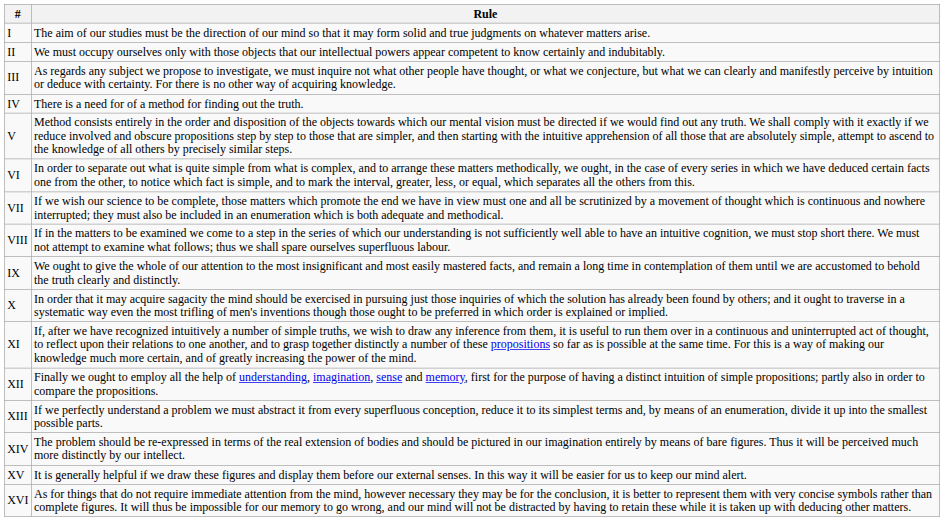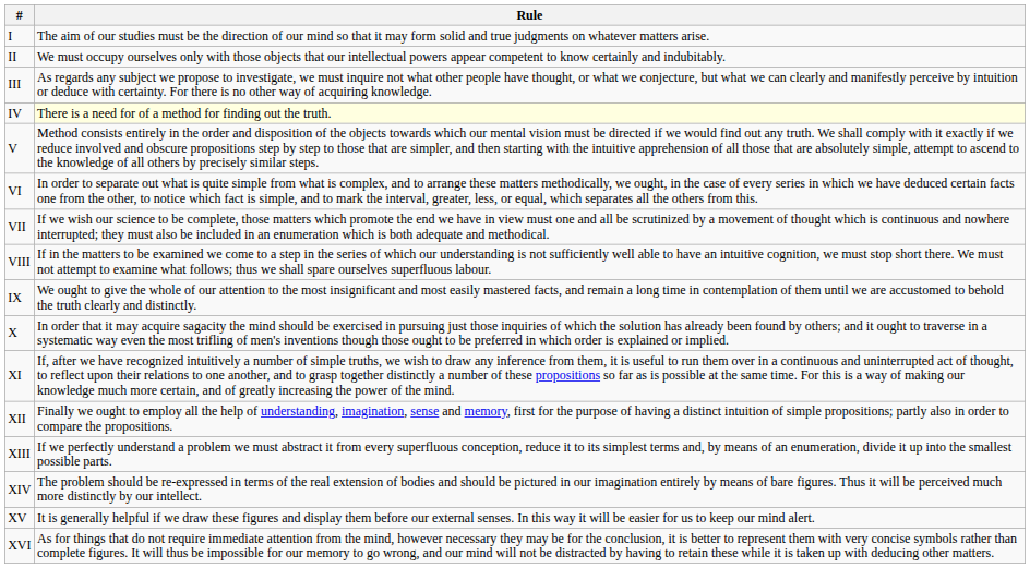 <table class="wikitable">
 <tr>
 <th>#</th>
 <th>Rule</th>
 </tr>
 <tr>
 <td>I</td>
 <td>The aim of our studies must be the direction of our mind so that it may form solid and true judgments on whatever matters arise.</td>
 </tr>
 <tr>
 <td>II</td>
 <td>We must occupy ourselves only with those objects that our intellectual powers appear competent to know certainly and indubitably.</td>
 </tr>
 <tr>
 <td>III</td>
 <td>As regards any subject we propose to investigate, we must inquire not what other people have thought, or what we conjecture, but what we can clearly and manifestly perceive by intuition or deduce with certainty. For there is no other way of acquiring knowledge.</td>
 </tr>
 <tr>
 <td>IV</td>
-<td>There is a need for of a method for finding out the truth.</td>
+<td style="background: lightyellow;">There is a need for of a method for finding out the truth.</td>
 </tr>
 <tr>
 <td>V</td>
 <td>Method consists entirely in the order and disposition of the objects towards which our mental vision must be directed if we would find out any truth. We shall comply with it exactly if we reduce involved and obscure propositions step by step to those that are simpler, and then starting with the intuitive apprehension of all those that are absolutely simple, attempt to ascend to the knowledge of all others by precisely similar steps.</td>
 </tr>
 <tr>
 <td>VI</td>
 <td>In order to separate out what is quite simple from what is complex, and to arrange these matters methodically, we ought, in the case of every series in which we have deduced certain facts  one from the other, to notice which fact is simple, and to mark the interval, greater, less, or equal, which separates all the others from this.</td>
 </tr>
 <tr>
 <td>VII</td>
 <td>If we wish our science to be complete, those matters which promote the end we have in view must one and all be scrutinized by a movement of thought which is continuous and nowhere interrupted; they must also be included in an enumeration which is both adequate and methodical.</td>
 </tr>
 <tr>
 <td>VIII</td>
 <td>If in the matters to be examined we come to a step in the series of which our understanding is not sufficiently well able to have an intuitive cognition, we must stop short there. We must not attempt to examine what follows; thus we shall spare ourselves superfluous labour.</td>
 </tr>
 <tr>
 <td>IX</td>
 <td>We ought to give the whole of our attention to the most insignificant and most easily mastered facts, and remain a long time in contemplation of them until we are accustomed to behold the truth clearly and distinctly.</td>
 </tr>
 <tr>
 <td>X</td>
 <td>In order that it may acquire sagacity the mind should be exercised in pursuing just those inquiries of which the solution has already been found by others; and it ought to traverse in a systematic way even the most trifling of men's inventions though those ought to be preferred in which order is explained or implied.</td>
 </tr>
 <tr>
 <td>XI</td>
 <td>If, after we have recognized intuitively a number of simple truths, we wish to draw any inference from them, it is useful to run them over in a continuous and uninterrupted act of thought, to reflect upon their relations to one another, and to grasp together distinctly a number of these <a href='#'>propositions</a> so far as is possible at the same time. For this is a way of making our knowledge much more certain, and of greatly increasing the power of the mind.</td>
 </tr>
 <tr>
 <td>XII</td>
 <td>Finally we ought to employ all the help of <a href='#'>understanding</a>, <a href='#'>imagination</a>, <a href='#'>sense</a> and <a href='#'>memory</a>, first for the purpose of having a distinct intuition of simple propositions; partly also in order to compare the propositions.</td>
 </tr>
 <tr>
 <td>XIII</td>
 <td>If we perfectly understand a problem we must abstract it from every superfluous conception, reduce it to its simplest terms and, by means of an enumeration, divide it up into the smallest possible parts.</td>
 </tr>
 <tr>
 <td>XIV</td>
 <td>The problem should be re-expressed in terms of the real extension of bodies and should be pictured in our imagination entirely by means of bare figures. Thus it will be perceived much more distinctly by our intellect.</td>
 </tr>
 <tr>
 <td>XV</td>
 <td>It is generally helpful if we draw these figures and display them before our external senses. In this way it will be easier for us to keep our mind alert.</td>
 </tr>
 <tr>
 <td>XVI</td>
 <td>As for things that do not require immediate attention from the mind, however necessary they may be for the conclusion, it is better to represent them with very concise symbols rather than complete figures. It will thus be impossible for our memory to go wrong, and our mind will not be distracted by having to retain these while it is taken up with deducing other matters.</td>
 </tr>
 </table>
